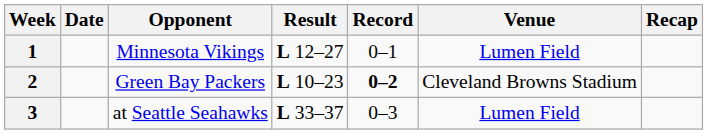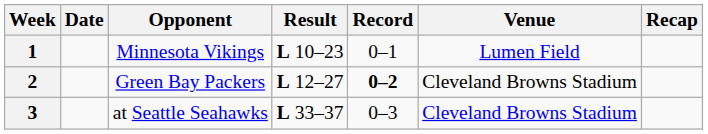 <table class="wikitable" style="text-align:center">
 <tr>
 <th>Week</th>
 <th>Date</th>
 <th>Opponent</th>
 <th>Result</th>
 <th>Record</th>
 <th>Venue</th>
 <th>Recap</th>
 </tr>
 <tr>
 <th>1</th>
 <td></td>
 <td><a href='#'>Minnesota Vikings</a></td>
-<td><strong>L</strong> 12–27</td>
+<td><strong>L</strong> 10–23</td>
 <td>0–1</td>
 <td><a href='#'>Lumen Field</a></td>
 <td></td>
 </tr>
 <tr>
 <th>2</th>
 <td></td>
 <td><a href='#'>Green Bay Packers</a></td>
-<td><strong>L</strong> 10–23</td>
+<td><strong>L</strong> 12–27</td>
 <td><strong>0–2</strong></td>
 <td>Cleveland Browns Stadium</td>
 <td></td>
 </tr>
 <tr>
 <th>3</th>
 <td></td>
 <td>at <a href='#'>Seattle Seahawks</a></td>
 <td><strong>L</strong> 33–37</td>
 <td>0–3</td>
-<td><a href='#'>Lumen Field</a></td>
+<td><a href='#'>Cleveland Browns Stadium</a></td>
 <td></td>
 </tr>
 </table>
